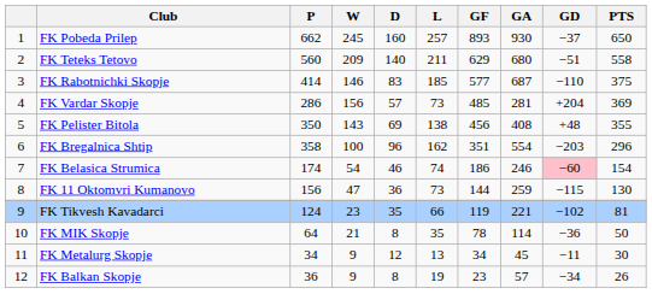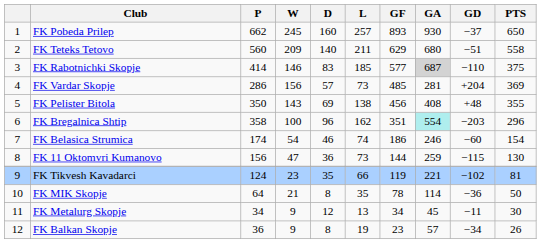 <table class="wikitable" style="text-align: center; width: 750px">
 <tr>
 <th></th>
 <th>Club</th>
 <th>P</th>
 <th>W</th>
 <th>D</th>
 <th>L</th>
 <th>GF</th>
 <th>GA</th>
 <th>GD</th>
 <th>PTS</th>
 </tr>
 <tr>
 <td>1</td>
 <td align="left"><a href='#'>FK Pobeda Prilep</a></td>
 <td>662</td>
 <td>245</td>
 <td>160</td>
 <td>257</td>
 <td>893</td>
 <td>930</td>
 <td>−37</td>
 <td>650</td>
 </tr>
 <tr>
 <td>2</td>
 <td align="left"><a href='#'>FK Teteks Tetovo</a></td>
 <td>560</td>
 <td>209</td>
 <td>140</td>
 <td>211</td>
 <td>629</td>
 <td>680</td>
 <td>−51</td>
 <td>558</td>
 </tr>
 <tr>
 <td>3</td>
 <td align="left"><a href='#'>FK Rabotnichki Skopje</a></td>
 <td>414</td>
 <td>146</td>
 <td>83</td>
 <td>185</td>
 <td>577</td>
-<td>687</td>
+<td style="background: lightgrey;">687</td>
 <td>−110</td>
 <td>375</td>
 </tr>
 <tr>
 <td>4</td>
 <td align="left"><a href='#'>FK Vardar Skopje</a></td>
 <td>286</td>
 <td>156</td>
 <td>57</td>
 <td>73</td>
 <td>485</td>
 <td>281</td>
 <td>+204</td>
 <td>369</td>
 </tr>
 <tr>
 <td>5</td>
 <td align="left"><a href='#'>FK Pelister Bitola</a></td>
 <td>350</td>
 <td>143</td>
 <td>69</td>
 <td>138</td>
 <td>456</td>
 <td>408</td>
 <td>+48</td>
 <td>355</td>
 </tr>
 <tr>
 <td>6</td>
 <td align="left"><a href='#'>FK Bregalnica Shtip</a></td>
 <td>358</td>
 <td>100</td>
 <td>96</td>
 <td>162</td>
 <td>351</td>
-<td>554</td>
+<td style="background: paleturquoise;">554</td>
 <td>−203</td>
 <td>296</td>
 </tr>
 <tr>
 <td>7</td>
 <td align="left"><a href='#'>FK Belasica Strumica</a></td>
 <td>174</td>
 <td>54</td>
 <td>46</td>
 <td>74</td>
 <td>186</td>
 <td>246</td>
-<td style="background: pink;">−60</td>
+<td>−60</td>
 <td>154</td>
 </tr>
 <tr>
 <td>8</td>
 <td align="left"><a href='#'>FK 11 Oktomvri Kumanovo</a></td>
 <td>156</td>
 <td>47</td>
 <td>36</td>
 <td>73</td>
 <td>144</td>
 <td>259</td>
 <td>−115</td>
 <td>130</td>
 </tr>
 <tr>
 </tr>
 <tr bgcolor="#AAD0FF">
 <td>9</td>
 <td align="left">FK Tikvesh Kavadarci</td>
 <td>124</td>
 <td>23</td>
 <td>35</td>
 <td>66</td>
 <td>119</td>
 <td>221</td>
 <td>−102</td>
 <td>81</td>
 </tr>
 <tr>
 <td>10</td>
 <td align="left"><a href='#'>FK MIK Skopje</a></td>
 <td>64</td>
 <td>21</td>
 <td>8</td>
 <td>35</td>
 <td>78</td>
 <td>114</td>
 <td>−36</td>
 <td>50</td>
 </tr>
 <tr>
 <td>11</td>
 <td align="left"><a href='#'>FK Metalurg Skopje</a></td>
 <td>34</td>
 <td>9</td>
 <td>12</td>
 <td>13</td>
 <td>34</td>
 <td>45</td>
 <td>−11</td>
 <td>30</td>
 </tr>
 <tr>
 <td>12</td>
 <td align="left"><a href='#'>FK Balkan Skopje</a></td>
 <td>36</td>
 <td>9</td>
 <td>8</td>
 <td>19</td>
 <td>23</td>
 <td>57</td>
 <td>−34</td>
 <td>26</td>
 </tr>
 </table>
